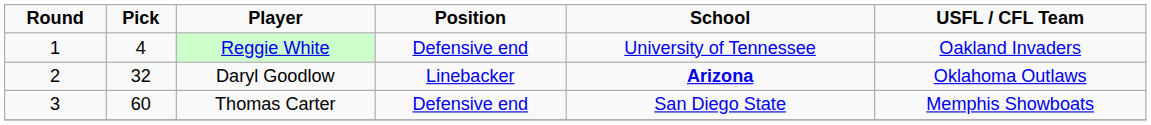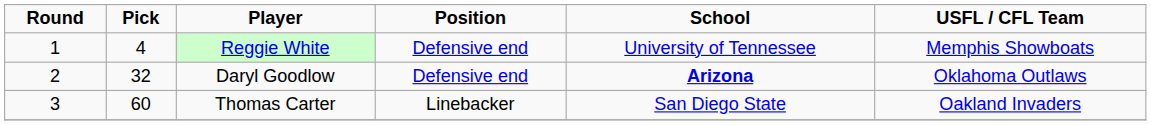 <table class="wikitable" width="80%">
 <tr align="center">
 <td><strong>Round</strong></td>
 <td><strong>Pick</strong></td>
 <td><strong>Player</strong></td>
 <td><strong>Position</strong></td>
 <td><strong>School</strong></td>
 <td><strong> USFL / CFL Team</strong></td>
 </tr>
 <tr align="center" bgcolor="">
 <td>1</td>
 <td>4</td>
 <td bgcolor="#CCFFCC"><a href='#'>Reggie White</a></td>
 <td Defensive end><a href='#'>Defensive end</a></td>
 <td><a href='#'>University of Tennessee</a></td>
-<td><a href='#'>Oakland Invaders</a></td>
+<td><a href='#'>Memphis Showboats</a></td>
 </tr>
 <tr align="center" bgcolor="">
 <td>2</td>
 <td>32</td>
 <td>Daryl Goodlow</td>
-<td><a href='#'>Linebacker</a></td>
+<td Defensive end><a href='#'>Defensive end</a></td>
 <td><strong><a href='#'>Arizona</a></strong></td>
 <td><a href='#'>Oklahoma Outlaws</a></td>
 </tr>
 <tr align="center" bgcolor="">
 <td>3</td>
 <td>60</td>
 <td>Thomas Carter</td>
-<td Defensive end><a href='#'>Defensive end</a></td>
+<td>Linebacker</td>
 <td><a href='#'>San Diego State</a></td>
-<td><a href='#'>Memphis Showboats</a></td>
+<td><a href='#'>Oakland Invaders</a></td>
 </tr>
 <tr align="center" bgcolor="">
 </tr>
 </table>
